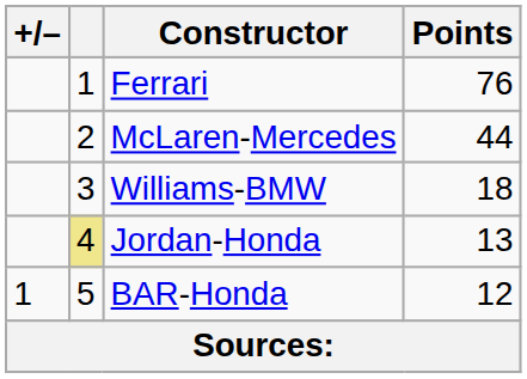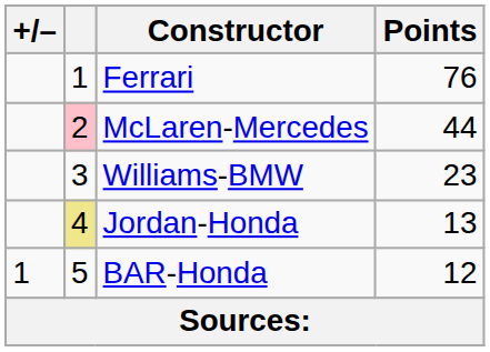 <table class="wikitable" style="font-size: 85%;">
 <tr>
 <th scope="col">+/–</th>
 <th scope="col"></th>
 <th scope="col">Constructor</th>
 <th scope="col">Points</th>
 </tr>
 <tr>
 <td align="left"></td>
 <td align="center">1</td>
 <td> <a href='#'>Ferrari</a></td>
 <td align="right">76</td>
 </tr>
 <tr>
 <td align="left"></td>
-<td align="center">2</td>
+<td align="center" style="background: pink;">2</td>
 <td> <a href='#'>McLaren</a>-<a href='#'>Mercedes</a></td>
 <td align="right">44</td>
 </tr>
 <tr>
 <td align="left"></td>
 <td align="center">3</td>
 <td> <a href='#'>Williams</a>-<a href='#'>BMW</a></td>
-<td align="right">18</td>
+<td align="right">23</td>
 </tr>
 <tr>
 <td align="left"></td>
 <td align="center" style="background: khaki;">4</td>
 <td> <a href='#'>Jordan</a>-<a href='#'>Honda</a></td>
 <td align="right">13</td>
 </tr>
 <tr>
 <td align="left"> 1</td>
 <td align="center">5</td>
 <td> <a href='#'>BAR</a>-<a href='#'>Honda</a></td>
 <td align="right">12</td>
 </tr>
 <tr>
 <th colspan=4>Sources:</th>
 </tr>
 </table>
